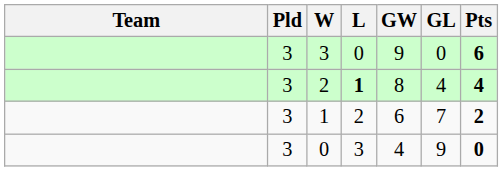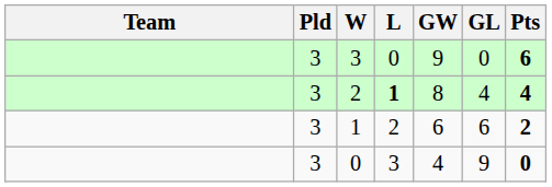 <table class="wikitable" style="text-align:center">
 <tr>
 <th width=200>Team</th>
 <th width=20>Pld</th>
 <th width=20>W</th>
 <th width=20>L</th>
 <th width=20>GW</th>
 <th width=20>GL</th>
 <th width=20>Pts</th>
 </tr>
 <tr bgcolor=#ccffcc>
 <td style="text-align:left;"></td>
 <td>3</td>
 <td>3</td>
 <td>0</td>
 <td>9</td>
 <td>0</td>
 <td><strong>6</strong></td>
 </tr>
 <tr bgcolor=#ccffcc>
 <td style="text-align:left;"></td>
 <td>3</td>
 <td>2</td>
 <td><strong>1</strong></td>
 <td>8</td>
 <td>4</td>
 <td><strong>4</strong></td>
 </tr>
 <tr>
 <td style="text-align:left;"></td>
 <td>3</td>
 <td>1</td>
 <td>2</td>
 <td>6</td>
-<td>7</td>
+<td>6</td>
 <td><strong>2</strong></td>
 </tr>
 <tr>
 <td style="text-align:left;"></td>
 <td>3</td>
 <td>0</td>
 <td>3</td>
 <td>4</td>
 <td>9</td>
 <td><strong>0</strong></td>
 </tr>
 </table>
